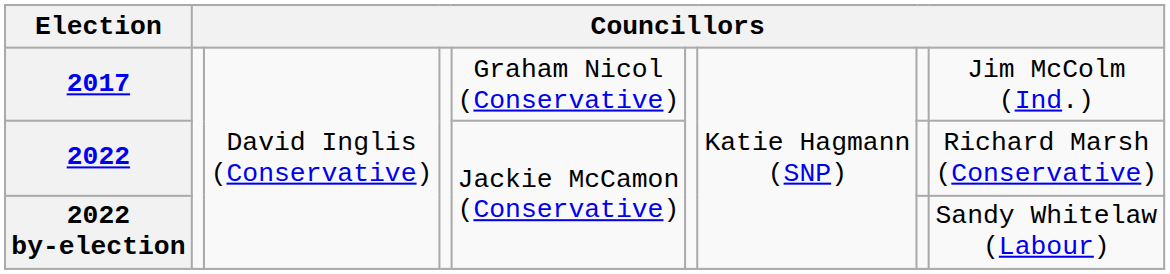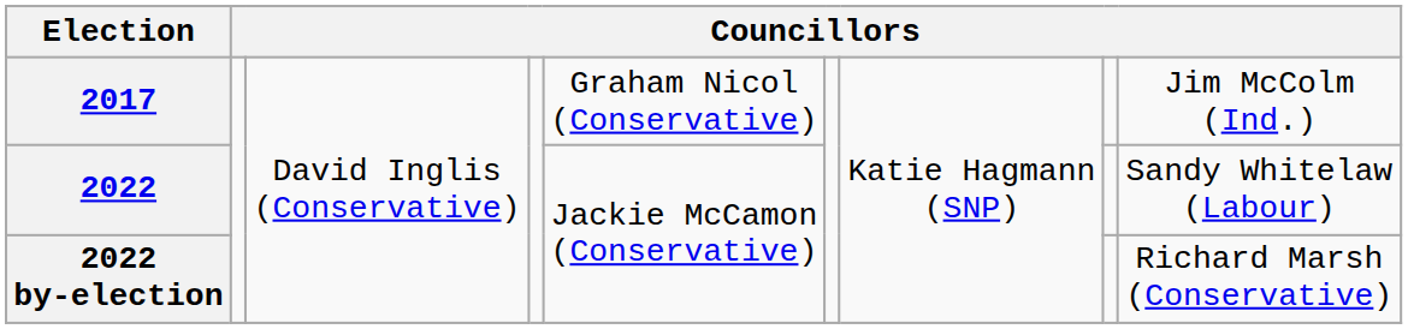 <table class="wikitable" style="text-align:center">
 <tr>
 <th>Election</th>
 <th colspan=8>Councillors</th>
 </tr>
 <tr>
 <th><a href='#'>2017</a></th>
 <td rowspan=3; style="background-color: "></td>
 <td rowspan=3>David Inglis<br>(<a href='#'>Conservative</a>)</td>
 <td rowspan=3; style="background-color: "></td>
 <td>Graham Nicol<br>(<a href='#'>Conservative</a>)</td>
 <td rowspan=3; style="background-color: "></td>
 <td rowspan=3>Katie Hagmann<br>(<a href='#'>SNP</a>)</td>
 <td style="background-color: "></td>
 <td>Jim McColm<br>(<a href='#'>Ind</a>.)</td>
 </tr>
 <tr>
 <th><a href='#'>2022</a></th>
 <td rowspan=2>Jackie McCamon<br>(<a href='#'>Conservative</a>)</td>
 <td style="background-color: "></td>
-<td>Richard Marsh<br>(<a href='#'>Conservative</a>)</td>
+<td>Sandy Whitelaw<br>(<a href='#'>Labour</a>)</td>
 </tr>
 <tr>
 <th>2022<br>by-election</th>
 <td style="background-color: "></td>
-<td>Sandy Whitelaw<br>(<a href='#'>Labour</a>)</td>
+<td>Richard Marsh<br>(<a href='#'>Conservative</a>)</td>
 </tr>
 </table>
